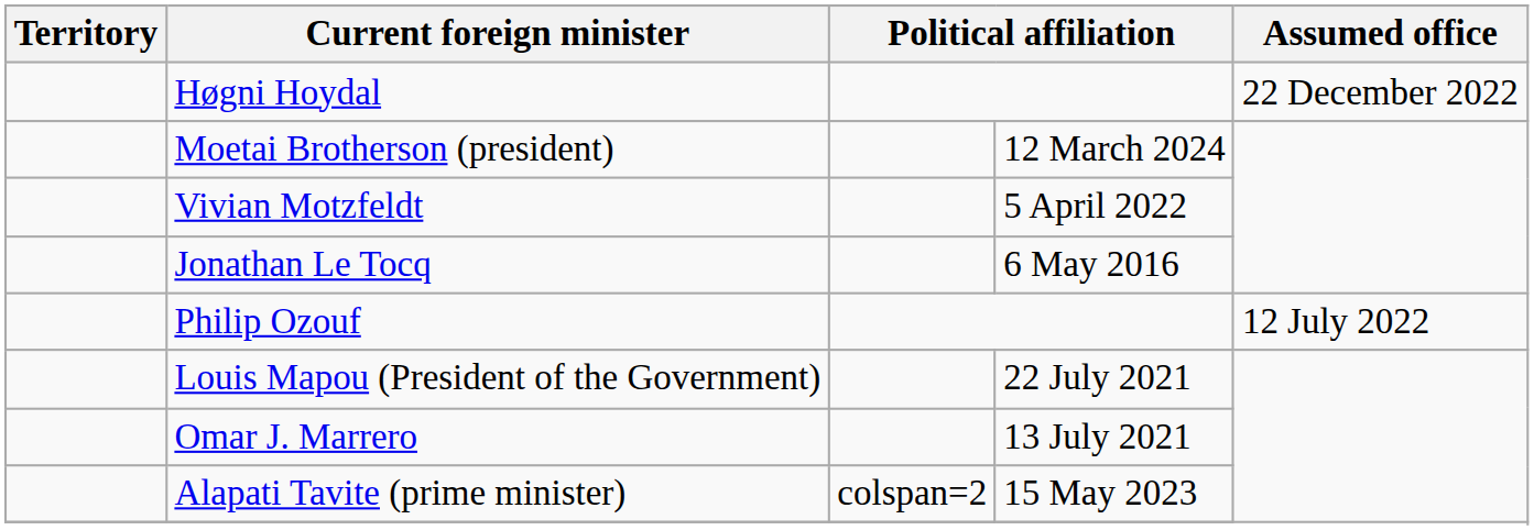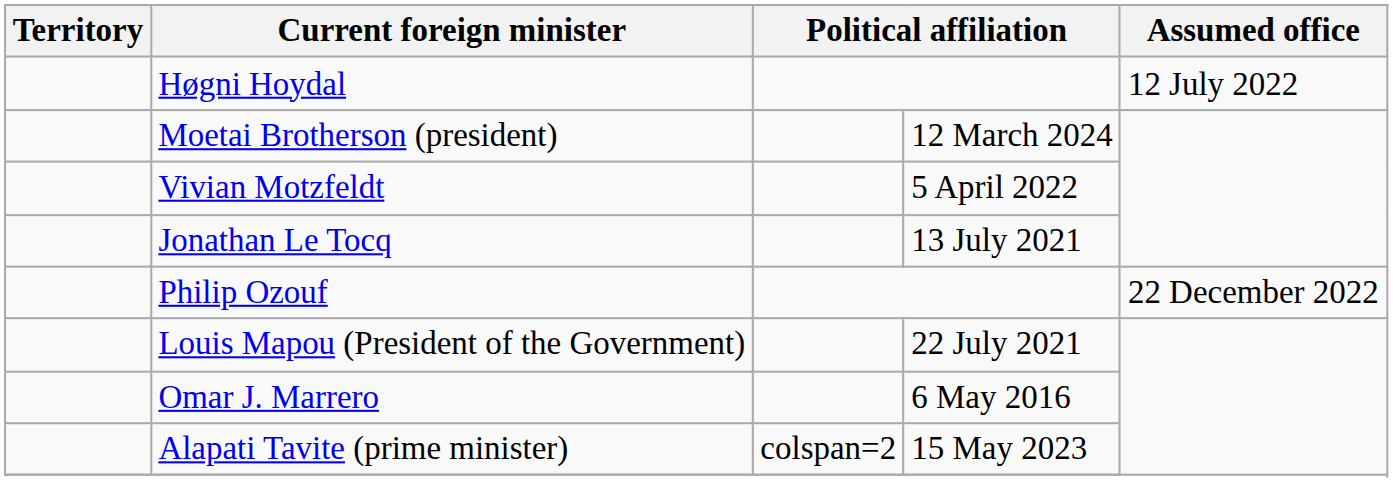 <table class="wikitable sortable">
 <tr>
 <th>Territory</th>
 <th>Current foreign minister</th>
 <th colspan="2">Political affiliation</th>
 <th>Assumed office</th>
 </tr>
 <tr>
 <td></td>
 <td><a href='#'>Høgni Hoydal</a></td>
 <td colspan="2"></td>
-<td>22 December 2022</td>
+<td>12 July 2022</td>
 </tr>
 <tr>
 <td></td>
 <td><a href='#'>Moetai Brotherson</a> (president)</td>
 <td></td>
 <td>12 March 2024</td>
 </tr>
 <tr>
 <td></td>
 <td><a href='#'>Vivian Motzfeldt</a></td>
 <td></td>
 <td>5 April 2022</td>
 </tr>
 <tr>
 <td></td>
 <td><a href='#'>Jonathan Le Tocq</a></td>
 <td></td>
-<td>6 May 2016</td>
+<td>13 July 2021</td>
 </tr>
 <tr>
 <td></td>
 <td><a href='#'>Philip Ozouf</a></td>
 <td colspan="2"></td>
-<td>12 July 2022</td>
+<td>22 December 2022</td>
 </tr>
 <tr>
 <td></td>
 <td><a href='#'>Louis Mapou</a> (President of the Government)</td>
 <td></td>
 <td>22 July 2021</td>
 </tr>
 <tr>
 <td></td>
 <td><a href='#'>Omar J. Marrero</a></td>
 <td></td>
-<td>13 July 2021</td>
+<td>6 May 2016</td>
 </tr>
 <tr>
 <td></td>
 <td><a href='#'>Alapati Tavite</a> (prime minister)</td>
 <td>colspan=2 </td>
 <td>15 May 2023</td>
 </tr>
 <tr>
 </tr>
 </table>
